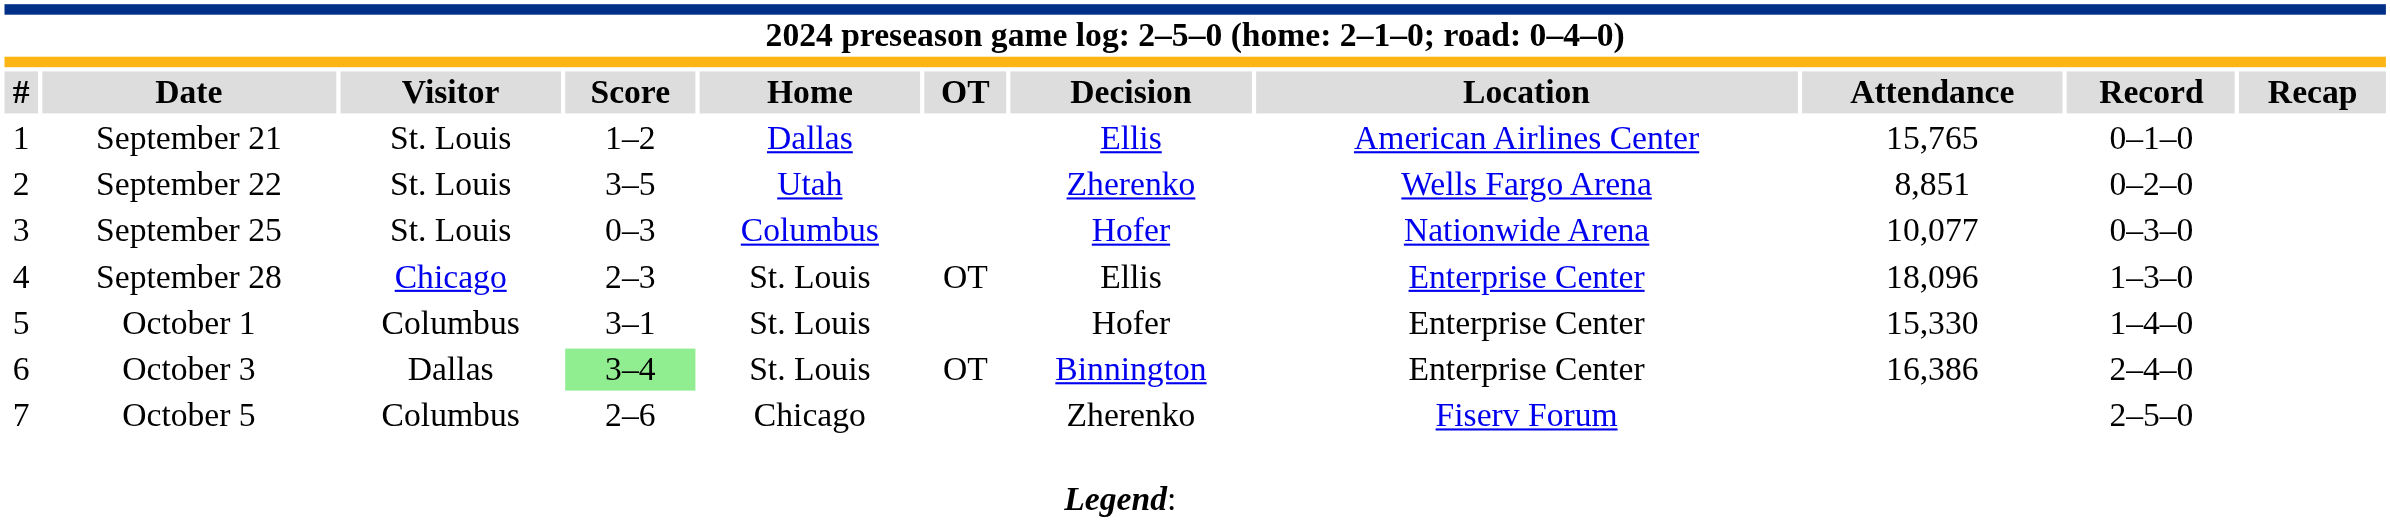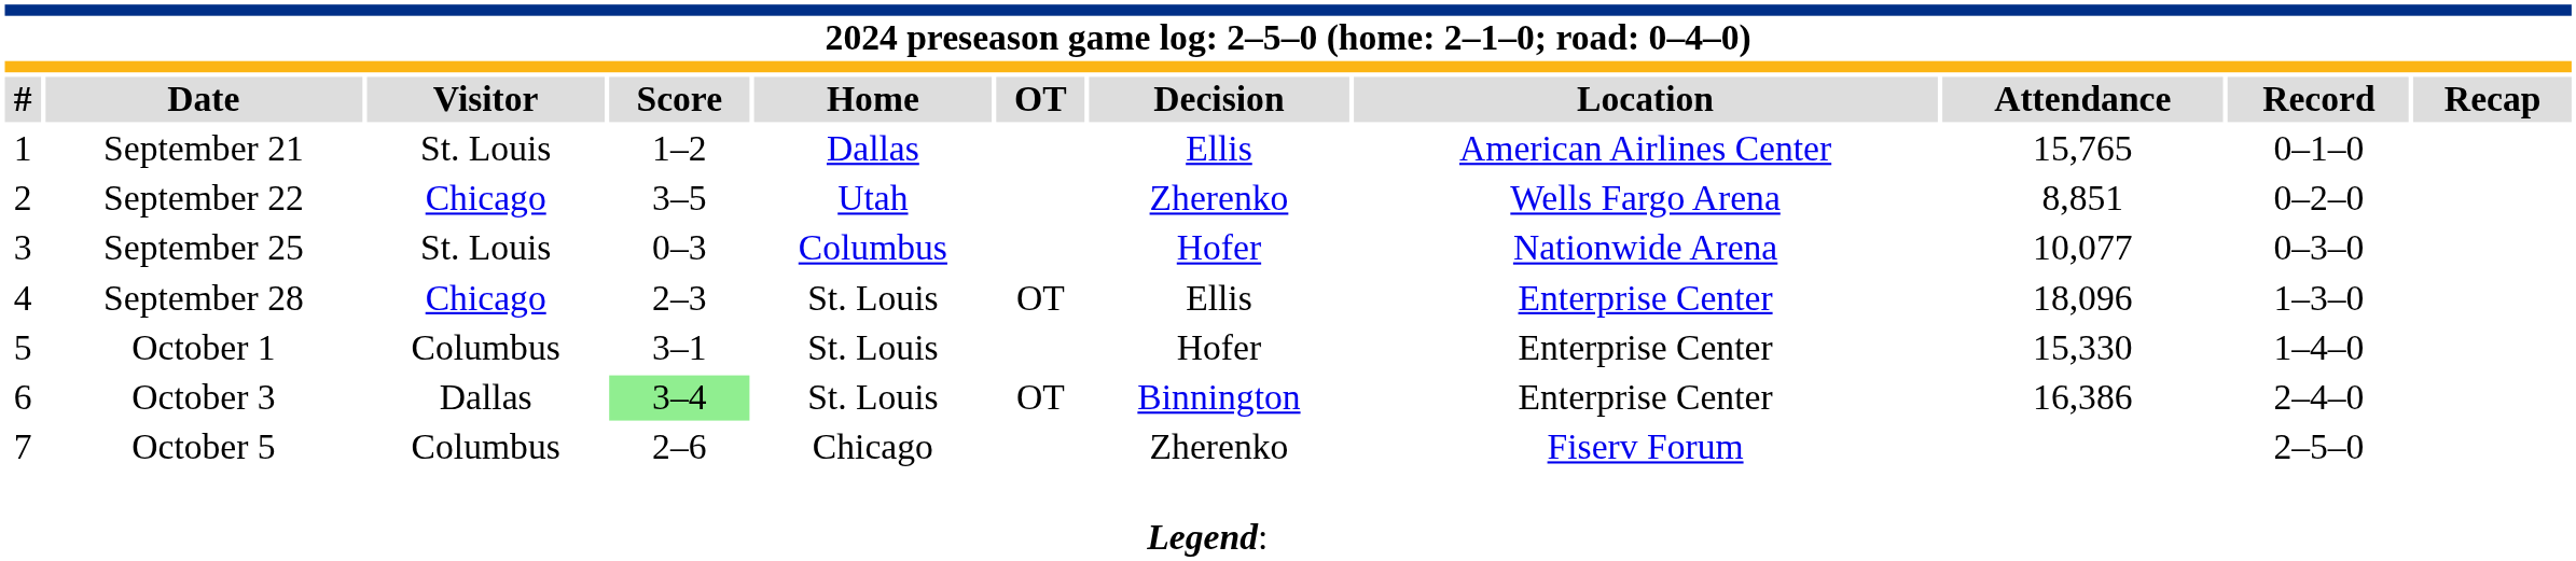 <table class="toccolours collapsible collapsed" style="width:90%; clear:both; margin:1.5em auto; text-align:center;">
 <tr>
 <th colspan="11" style="background:#FFFFFF; border-top:#002F87 5px solid; border-bottom:#FCB514 5px solid;">2024 preseason game log: 2–5–0 (home: 2–1–0; road: 0–4–0)</th>
 </tr>
 <tr style="background:#ddd;">
 <th>#</th>
 <th>Date</th>
 <th>Visitor</th>
 <th>Score</th>
 <th>Home</th>
 <th>OT</th>
 <th>Decision</th>
 <th>Location</th>
 <th>Attendance</th>
 <th>Record</th>
 <th>Recap</th>
 </tr>
 <tr>
 <td>1</td>
 <td>September 21</td>
 <td>St. Louis</td>
 <td>1–2</td>
 <td><a href='#'>Dallas</a></td>
 <td></td>
 <td><a href='#'>Ellis</a></td>
 <td><a href='#'>American Airlines Center</a></td>
 <td>15,765</td>
 <td>0–1–0</td>
 <td></td>
 </tr>
 <tr>
 <td>2</td>
 <td>September 22</td>
-<td>St. Louis</td>
+<td><a href='#'>Chicago</a></td>
 <td>3–5</td>
 <td><a href='#'>Utah</a></td>
 <td></td>
 <td><a href='#'>Zherenko</a></td>
 <td><a href='#'>Wells Fargo Arena</a></td>
 <td>8,851</td>
 <td>0–2–0</td>
 <td></td>
 </tr>
 <tr>
 <td>3</td>
 <td>September 25</td>
 <td>St. Louis</td>
 <td>0–3</td>
 <td><a href='#'>Columbus</a></td>
 <td></td>
 <td><a href='#'>Hofer</a></td>
 <td><a href='#'>Nationwide Arena</a></td>
 <td>10,077</td>
 <td>0–3–0</td>
 <td></td>
 </tr>
 <tr>
 <td>4</td>
 <td>September 28</td>
 <td><a href='#'>Chicago</a></td>
 <td>2–3</td>
 <td>St. Louis</td>
 <td>OT</td>
 <td>Ellis</td>
 <td><a href='#'>Enterprise Center</a></td>
 <td>18,096</td>
 <td>1–3–0</td>
 <td></td>
 </tr>
 <tr>
 <td>5</td>
 <td>October 1</td>
 <td>Columbus</td>
 <td>3–1</td>
 <td>St. Louis</td>
 <td></td>
 <td>Hofer</td>
 <td>Enterprise Center</td>
 <td>15,330</td>
 <td>1–4–0</td>
 <td></td>
 </tr>
 <tr>
 <td>6</td>
 <td>October 3</td>
 <td>Dallas</td>
 <td style="background: lightgreen;">3–4</td>
 <td>St. Louis</td>
 <td>OT</td>
 <td><a href='#'>Binnington</a></td>
 <td>Enterprise Center</td>
 <td>16,386</td>
 <td>2–4–0</td>
 <td></td>
 </tr>
 <tr>
 <td>7</td>
 <td>October 5</td>
 <td>Columbus</td>
 <td>2–6</td>
 <td>Chicago</td>
 <td></td>
 <td>Zherenko</td>
 <td><a href='#'>Fiserv Forum</a></td>
 <td></td>
 <td>2–5–0</td>
 <td></td>
 </tr>
 <tr>
 <td colspan="10" style="text-align:center;"><br><strong><em>Legend</em></strong>:   </td>
 </tr>
 </table>
